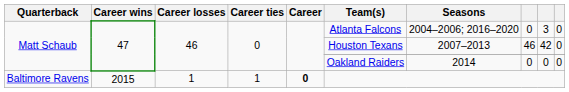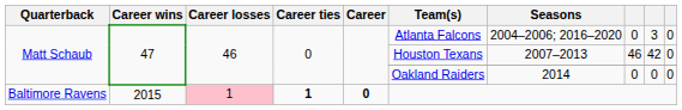 <table class="wikitable sortable">
 <tr>
 <th>Quarterback</th>
 <th>Career wins</th>
 <th>Career losses</th>
 <th>Career ties</th>
 <th>Career  </th>
 <th>Team(s)</th>
 <th>Seasons</th>
 <th></th>
 <th></th>
 <th></th>
 </tr>
 <tr align="center">
 <td rowspan="4"><a href='#'>Matt Schaub</a></td>
 <td rowspan="4" style="border: 2px solid green">47</td>
 <td rowspan="4">46</td>
 <td rowspan="4">0</td>
 <td rowspan="4"></td>
 <td><a href='#'>Atlanta Falcons</a></td>
 <td>2004–2006; 2016–2020</td>
 <td>0</td>
 <td>3</td>
 <td>0</td>
 </tr>
 <tr align="center">
 <td><a href='#'>Houston Texans</a> </td>
 <td>2007–2013</td>
 <td>46</td>
 <td>42</td>
 <td>0</td>
 </tr>
 <tr>
 </tr>
 <tr align="center">
 <td><a href='#'>Oakland Raiders</a></td>
 <td>2014</td>
 <td>0</td>
 <td>0</td>
 <td>0</td>
 </tr>
 <tr align="center">
 <td><a href='#'>Baltimore Ravens</a></td>
 <td>2015</td>
-<td>1</td>
-<td>1</td>
+<td style="background: pink;">1</td>
+<td><strong>1</strong></td>
 <td><strong>0</strong></td>
 </tr>
 </table>
